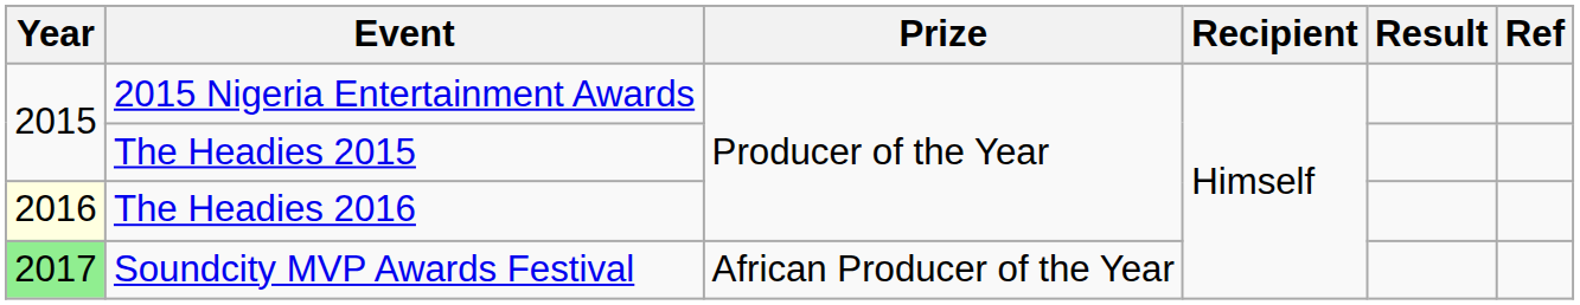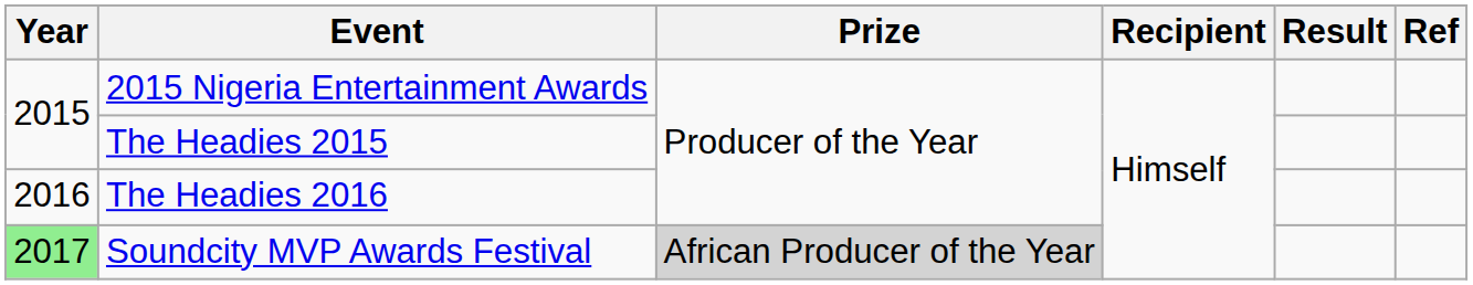 <table class ="wikitable">
 <tr>
 <th>Year</th>
 <th>Event</th>
 <th>Prize</th>
 <th>Recipient</th>
 <th>Result</th>
 <th>Ref</th>
 </tr>
 <tr>
 <td rowspan="2">2015</td>
 <td><a href='#'>2015 Nigeria Entertainment Awards</a></td>
 <td rowspan="3">Producer of the Year</td>
 <td rowspan="4">Himself</td>
 <td></td>
 <td></td>
 </tr>
 <tr>
 <td><a href='#'>The Headies 2015</a></td>
 <td></td>
 <td></td>
 </tr>
 <tr>
-<td rowspan="1" style="background: lightyellow;">2016</td>
+<td rowspan="1">2016</td>
 <td><a href='#'>The Headies 2016</a></td>
 <td></td>
 <td></td>
 </tr>
 <tr>
 <td rowspan="1" style="background: lightgreen;">2017</td>
 <td><a href='#'>Soundcity MVP Awards Festival</a></td>
-<td>African Producer of the Year</td>
+<td style="background: lightgrey;">African Producer of the Year</td>
 <td></td>
 <td></td>
 </tr>
 </table>
